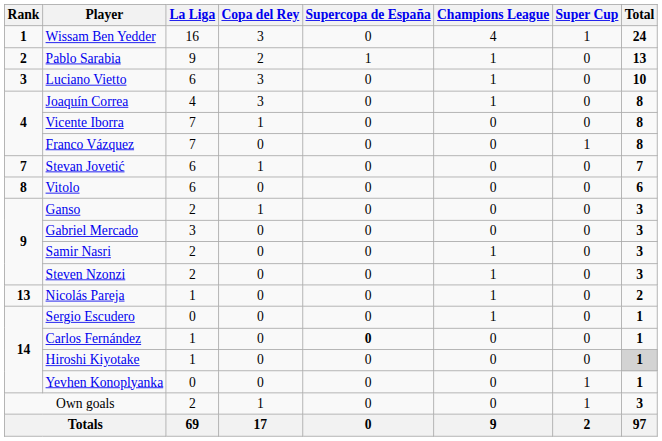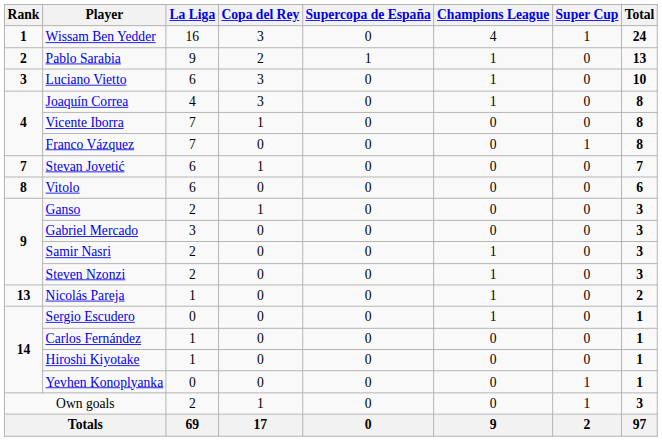 <table class="wikitable">
 <tr>
 <th>Rank</th>
 <th>Player</th>
 <th><a href='#'>La Liga</a></th>
 <th><a href='#'>Copa del Rey</a></th>
 <th><a href='#'>Supercopa de España</a></th>
 <th><a href='#'>Champions League</a></th>
 <th><a href='#'>Super Cup</a></th>
 <th>Total</th>
 </tr>
 <tr>
 <td align=center><strong>1</strong></td>
 <td> <a href='#'>Wissam Ben Yedder</a></td>
 <td align=center>16</td>
 <td align=center>3</td>
 <td align=center>0</td>
 <td align=center>4</td>
 <td align=center>1</td>
 <td align=center><strong>24</strong></td>
 </tr>
 <tr>
 <td align=center><strong>2</strong></td>
 <td> <a href='#'>Pablo Sarabia</a></td>
 <td align=center>9</td>
 <td align=center>2</td>
 <td align=center>1</td>
 <td align=center>1</td>
 <td align=center>0</td>
 <td align=center><strong>13</strong></td>
 </tr>
 <tr>
 <td align=center><strong>3</strong></td>
 <td> <a href='#'>Luciano Vietto</a></td>
 <td align=center>6</td>
 <td align=center>3</td>
 <td align=center>0</td>
 <td align=center>1</td>
 <td align=center>0</td>
 <td align=center><strong>10</strong></td>
 </tr>
 <tr>
 <td rowspan=3 align=center><strong>4</strong></td>
 <td> <a href='#'>Joaquín Correa</a></td>
 <td align=center>4</td>
 <td align=center>3</td>
 <td align=center>0</td>
 <td align=center>1</td>
 <td align=center>0</td>
 <td align=center><strong>8</strong></td>
 </tr>
 <tr>
 <td> <a href='#'>Vicente Iborra</a></td>
 <td align=center>7</td>
 <td align=center>1</td>
 <td align=center>0</td>
 <td align=center>0</td>
 <td align=center>0</td>
 <td align=center><strong>8</strong></td>
 </tr>
 <tr>
 <td> <a href='#'>Franco Vázquez</a></td>
 <td align=center>7</td>
 <td align=center>0</td>
 <td align=center>0</td>
 <td align=center>0</td>
 <td align=center>1</td>
 <td align=center><strong>8</strong></td>
 </tr>
 <tr>
 <td align=center><strong>7</strong></td>
 <td> <a href='#'>Stevan Jovetić</a></td>
 <td align=center>6</td>
 <td align=center>1</td>
 <td align=center>0</td>
 <td align=center>0</td>
 <td align=center>0</td>
 <td align=center><strong>7</strong></td>
 </tr>
 <tr>
 <td align=center><strong>8</strong></td>
 <td> <a href='#'>Vitolo</a></td>
 <td align=center>6</td>
 <td align=center>0</td>
 <td align=center>0</td>
 <td align=center>0</td>
 <td align=center>0</td>
 <td align=center><strong>6</strong></td>
 </tr>
 <tr>
 <td rowspan=4 align=center><strong>9</strong></td>
 <td> <a href='#'>Ganso</a></td>
 <td align=center>2</td>
 <td align=center>1</td>
 <td align=center>0</td>
 <td align=center>0</td>
 <td align=center>0</td>
 <td align=center><strong>3</strong></td>
 </tr>
 <tr>
 <td> <a href='#'>Gabriel Mercado</a></td>
 <td align=center>3</td>
 <td align=center>0</td>
 <td align=center>0</td>
 <td align=center>0</td>
 <td align=center>0</td>
 <td align=center><strong>3</strong></td>
 </tr>
 <tr>
 <td> <a href='#'>Samir Nasri</a></td>
 <td align=center>2</td>
 <td align=center>0</td>
 <td align=center>0</td>
 <td align=center>1</td>
 <td align=center>0</td>
 <td align=center><strong>3</strong></td>
 </tr>
 <tr>
 <td> <a href='#'>Steven Nzonzi</a></td>
 <td align=center>2</td>
 <td align=center>0</td>
 <td align=center>0</td>
 <td align=center>1</td>
 <td align=center>0</td>
 <td align=center><strong>3</strong></td>
 </tr>
 <tr>
 <td align=center><strong>13</strong></td>
 <td> <a href='#'>Nicolás Pareja</a></td>
 <td align=center>1</td>
 <td align=center>0</td>
 <td align=center>0</td>
 <td align=center>1</td>
 <td align=center>0</td>
 <td align=center><strong>2</strong></td>
 </tr>
 <tr>
 <td rowspan=4 align=center><strong>14</strong></td>
 <td> <a href='#'>Sergio Escudero</a></td>
 <td align=center>0</td>
 <td align=center>0</td>
 <td align=center>0</td>
 <td align=center>1</td>
 <td align=center>0</td>
 <td align=center><strong>1</strong></td>
 </tr>
 <tr>
 <td> <a href='#'>Carlos Fernández</a></td>
 <td align=center>1</td>
 <td align=center>0</td>
-<td align=center><strong>0</strong></td>
+<td align=center>0</td>
 <td align=center>0</td>
 <td align=center>0</td>
 <td align=center><strong>1</strong></td>
 </tr>
 <tr>
 <td> <a href='#'>Hiroshi Kiyotake</a></td>
 <td align=center>1</td>
 <td align=center>0</td>
 <td align=center>0</td>
 <td align=center>0</td>
 <td align=center>0</td>
-<td align=center style="background: lightgrey;"><strong>1</strong></td>
+<td align=center><strong>1</strong></td>
 </tr>
 <tr>
 <td> <a href='#'>Yevhen Konoplyanka</a></td>
 <td align=center>0</td>
 <td align=center>0</td>
 <td align=center>0</td>
 <td align=center>0</td>
 <td align=center>1</td>
 <td align=center><strong>1</strong></td>
 </tr>
 <tr>
 <td colspan=2 align=center>Own goals</td>
 <td align=center>2</td>
 <td align=center>1</td>
 <td align=center>0</td>
 <td align=center>0</td>
 <td align=center>1</td>
 <td align=center><strong>3</strong></td>
 </tr>
 <tr>
 <th colspan=2 align=center>Totals</th>
 <th align=center>69</th>
 <th align=center>17</th>
 <th align=center>0</th>
 <th align=center>9</th>
 <th align=center>2</th>
 <th align=center>97</th>
 </tr>
 </table>
